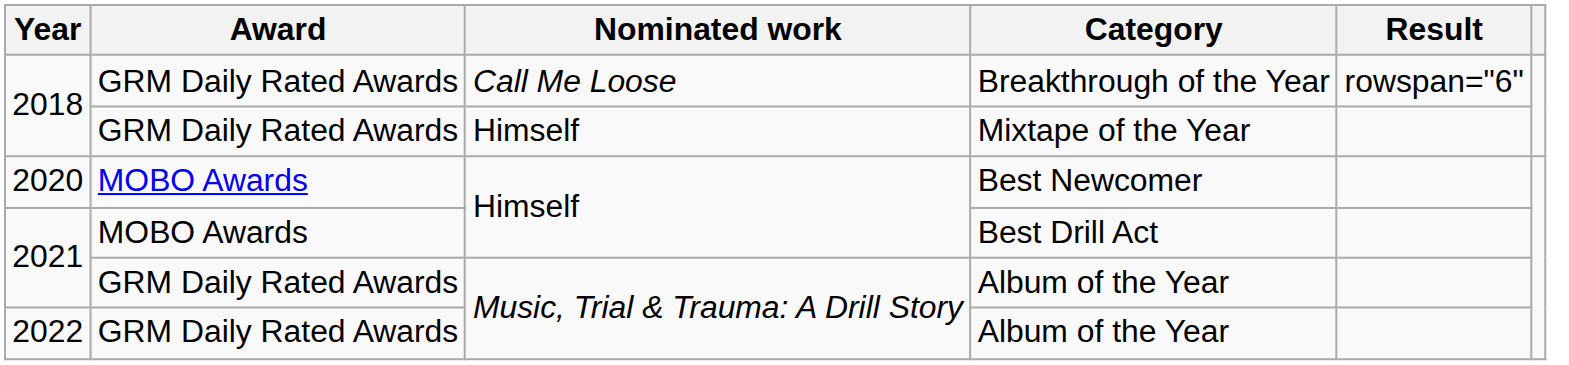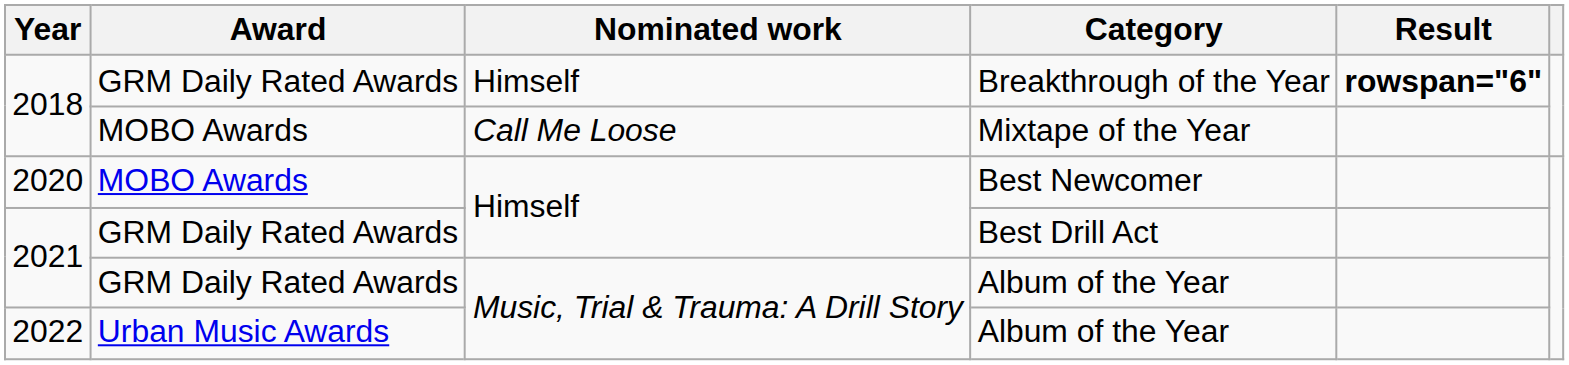 <table class="wikitable sortable plainrowheaders" style="width: auto;">
 <tr>
 <th scope="col">Year</th>
 <th scope="col">Award</th>
 <th scope="col">Nominated work</th>
 <th scope="col">Category</th>
 <th scope="col">Result</th>
 <th scope="col" class="unsortable"></th>
 </tr>
 <tr>
 <td rowspan="2">2018</td>
 <td>GRM Daily Rated Awards</td>
-<td><em>Call Me Loose</em></td>
+<td>Himself</td>
 <td>Breakthrough of the Year</td>
-<td>rowspan="6" </td>
+<td><strong>rowspan="6" </strong></td>
 <td rowspan="2"></td>
 </tr>
 <tr>
-<td>GRM Daily Rated Awards</td>
-<td>Himself</td>
+<td>MOBO Awards</td>
+<td><em>Call Me Loose</em></td>
 <td>Mixtape of the Year</td>
 </tr>
 <tr>
 <td>2020</td>
 <td><a href='#'>MOBO Awards</a></td>
 <td rowspan="2">Himself</td>
 <td>Best Newcomer</td>
 <td></td>
 </tr>
 <tr>
 <td rowspan="2">2021</td>
-<td>MOBO Awards</td>
+<td>GRM Daily Rated Awards</td>
 <td>Best Drill Act</td>
 <td></td>
 </tr>
 <tr>
 <td>GRM Daily Rated Awards</td>
 <td rowspan="2"><em>Music, Trial & Trauma: A Drill Story</em></td>
 <td>Album of the Year</td>
 <td></td>
 </tr>
 <tr>
 <td>2022</td>
-<td>GRM Daily Rated Awards</td>
+<td><a href='#'>Urban Music Awards</a></td>
 <td>Album of the Year</td>
 <td></td>
 </tr>
 </table>
